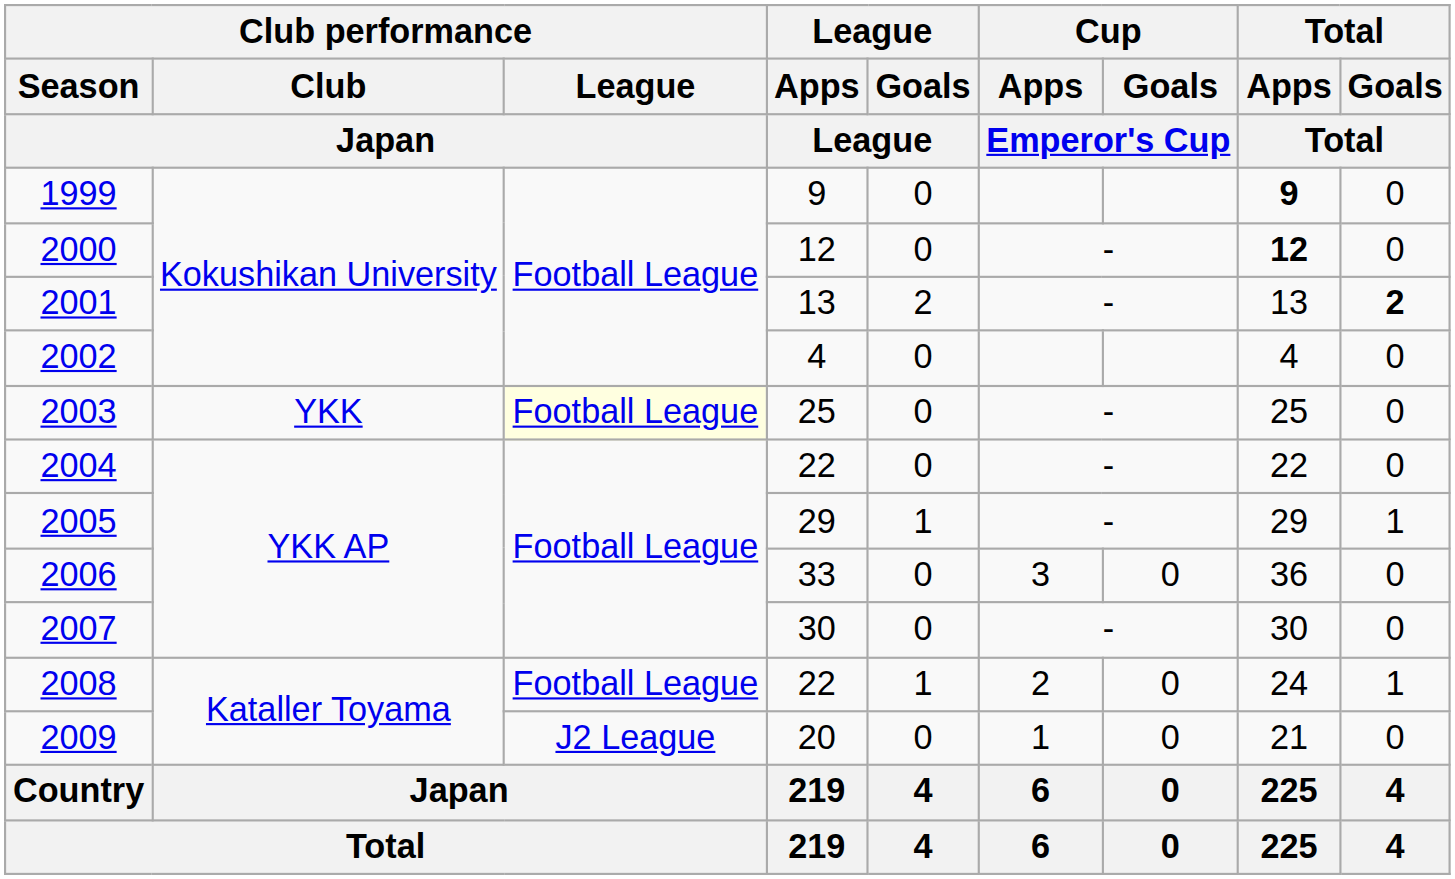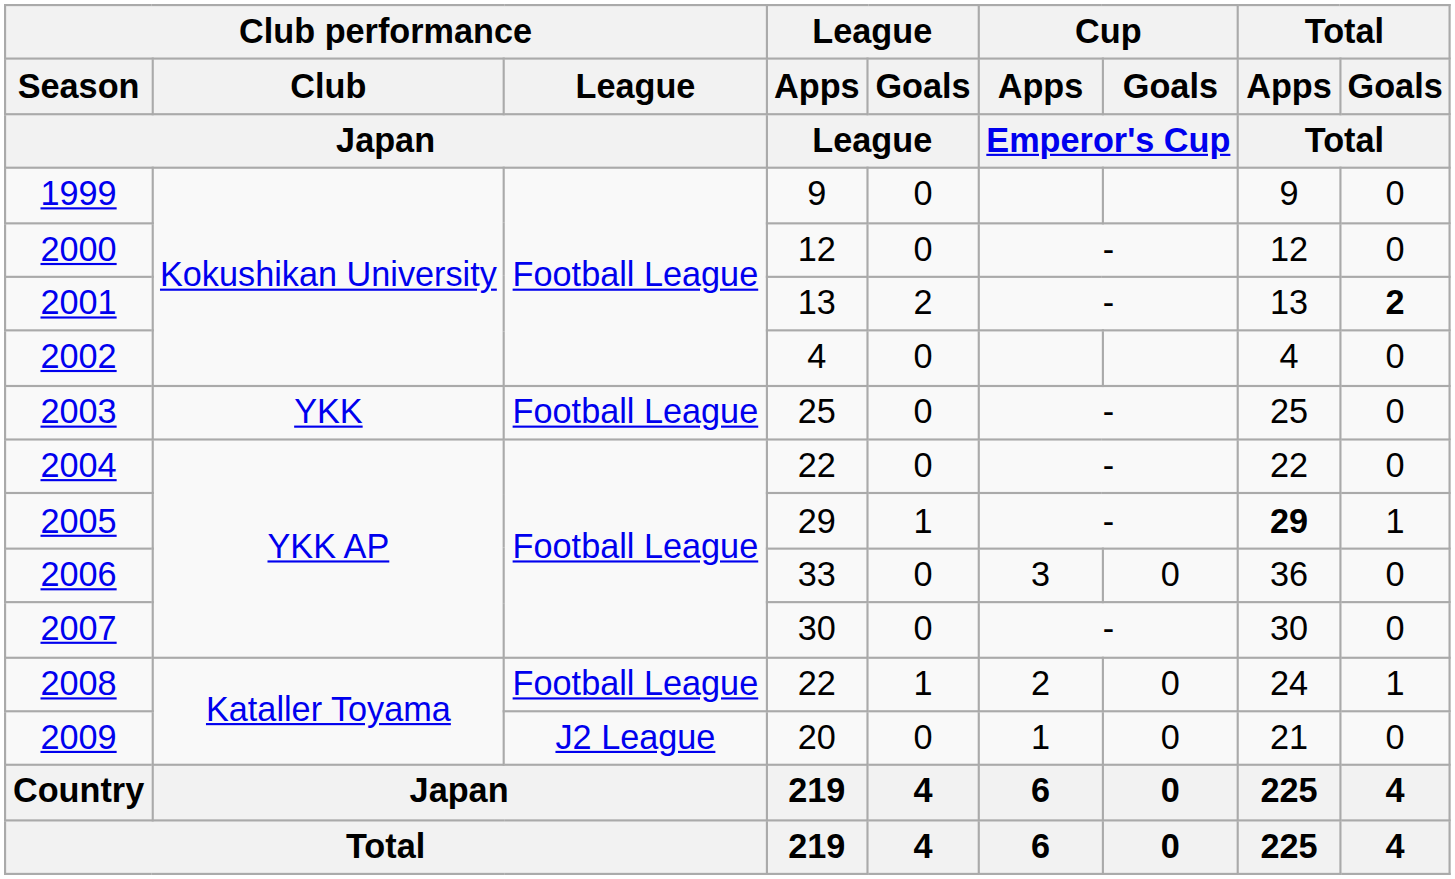 <table class="wikitable" style="text-align:center;">
 <tr>
 <th colspan=3>Club performance</th>
 <th colspan=2>League</th>
 <th colspan=2>Cup</th>
 <th colspan=2>Total</th>
 </tr>
 <tr>
 <th>Season</th>
 <th>Club</th>
 <th>League</th>
 <th>Apps</th>
 <th>Goals</th>
 <th>Apps</th>
 <th>Goals</th>
 <th>Apps</th>
 <th>Goals</th>
 </tr>
 <tr>
 <th colspan=3>Japan</th>
 <th colspan=2>League</th>
 <th colspan=2><a href='#'>Emperor's Cup</a></th>
 <th colspan=2>Total</th>
 </tr>
 <tr>
 <td><a href='#'>1999</a></td>
 <td rowspan="4"><a href='#'>Kokushikan University</a></td>
 <td rowspan="4"><a href='#'>Football League</a></td>
 <td>9</td>
 <td>0</td>
 <td></td>
 <td></td>
-<td><strong>9</strong></td>
+<td>9</td>
 <td>0</td>
 </tr>
 <tr>
 <td><a href='#'>2000</a></td>
 <td>12</td>
 <td>0</td>
 <td colspan="2">-</td>
-<td><strong>12</strong></td>
+<td>12</td>
 <td>0</td>
 </tr>
 <tr>
 <td><a href='#'>2001</a></td>
 <td>13</td>
 <td>2</td>
 <td colspan="2">-</td>
 <td>13</td>
 <td><strong>2</strong></td>
 </tr>
 <tr>
 <td><a href='#'>2002</a></td>
 <td>4</td>
 <td>0</td>
 <td></td>
 <td></td>
 <td>4</td>
 <td>0</td>
 </tr>
 <tr>
 <td><a href='#'>2003</a></td>
 <td><a href='#'>YKK</a></td>
-<td style="background: lightyellow;"><a href='#'>Football League</a></td>
+<td><a href='#'>Football League</a></td>
 <td>25</td>
 <td>0</td>
 <td colspan="2">-</td>
 <td>25</td>
 <td>0</td>
 </tr>
 <tr>
 <td><a href='#'>2004</a></td>
 <td rowspan="4"><a href='#'>YKK AP</a></td>
 <td rowspan="4"><a href='#'>Football League</a></td>
 <td>22</td>
 <td>0</td>
 <td colspan="2">-</td>
 <td>22</td>
 <td>0</td>
 </tr>
 <tr>
 <td><a href='#'>2005</a></td>
 <td>29</td>
 <td>1</td>
 <td colspan="2">-</td>
-<td>29</td>
+<td><strong>29</strong></td>
 <td>1</td>
 </tr>
 <tr>
 <td><a href='#'>2006</a></td>
 <td>33</td>
 <td>0</td>
 <td>3</td>
 <td>0</td>
 <td>36</td>
 <td>0</td>
 </tr>
 <tr>
 <td><a href='#'>2007</a></td>
 <td>30</td>
 <td>0</td>
 <td colspan="2">-</td>
 <td>30</td>
 <td>0</td>
 </tr>
 <tr>
 <td><a href='#'>2008</a></td>
 <td rowspan="2"><a href='#'>Kataller Toyama</a></td>
 <td><a href='#'>Football League</a></td>
 <td>22</td>
 <td>1</td>
 <td>2</td>
 <td>0</td>
 <td>24</td>
 <td>1</td>
 </tr>
 <tr>
 <td><a href='#'>2009</a></td>
 <td><a href='#'>J2 League</a></td>
 <td>20</td>
 <td>0</td>
 <td>1</td>
 <td>0</td>
 <td>21</td>
 <td>0</td>
 </tr>
 <tr>
 <th rowspan=1>Country</th>
 <th colspan=2>Japan</th>
 <th>219</th>
 <th>4</th>
 <th>6</th>
 <th>0</th>
 <th>225</th>
 <th>4</th>
 </tr>
 <tr>
 <th colspan=3>Total</th>
 <th>219</th>
 <th>4</th>
 <th>6</th>
 <th>0</th>
 <th>225</th>
 <th>4</th>
 </tr>
 </table>
